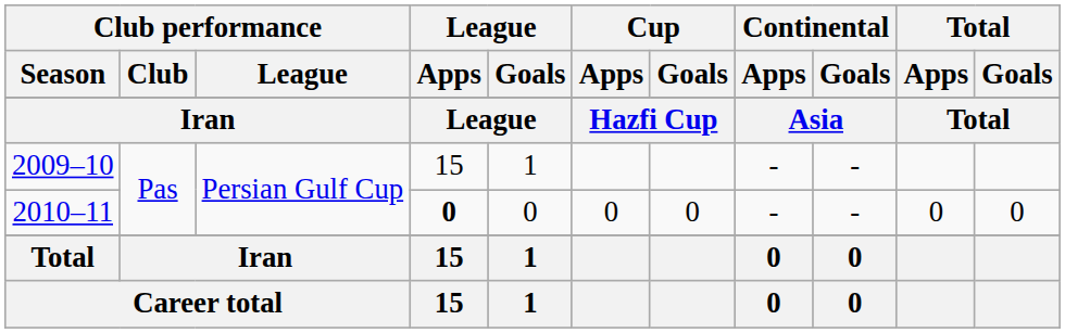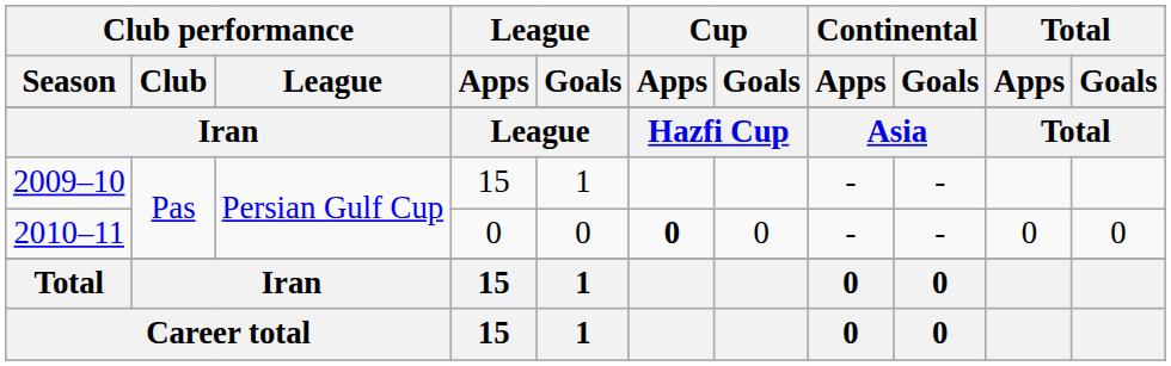 <table class="wikitable" style="text-align:center">
 <tr>
 <th colspan=3>Club performance</th>
 <th colspan=2>League</th>
 <th colspan=2>Cup</th>
 <th colspan=2>Continental</th>
 <th colspan=2>Total</th>
 </tr>
 <tr>
 <th>Season</th>
 <th>Club</th>
 <th>League</th>
 <th>Apps</th>
 <th>Goals</th>
 <th>Apps</th>
 <th>Goals</th>
 <th>Apps</th>
 <th>Goals</th>
 <th>Apps</th>
 <th>Goals</th>
 </tr>
 <tr>
 </tr>
 <tr>
 <th colspan=3>Iran</th>
 <th colspan=2>League</th>
 <th colspan=2><a href='#'>Hazfi Cup</a></th>
 <th colspan=2><a href='#'>Asia</a></th>
 <th colspan=2>Total</th>
 </tr>
 <tr>
 <td><a href='#'>2009–10</a></td>
 <td rowspan="2"><a href='#'>Pas</a></td>
 <td rowspan="2"><a href='#'>Persian Gulf Cup</a></td>
 <td>15</td>
 <td>1</td>
 <td></td>
 <td></td>
 <td>-</td>
 <td>-</td>
 <td></td>
 <td></td>
 </tr>
 <tr>
 <td><a href='#'>2010–11</a></td>
-<td><strong>0</strong></td>
 <td>0</td>
 <td>0</td>
+<td><strong>0</strong></td>
 <td>0</td>
 <td>-</td>
 <td>-</td>
 <td>0</td>
 <td>0</td>
 </tr>
 <tr>
 </tr>
 <tr>
 <th rowspan=1>Total</th>
 <th colspan=2>Iran</th>
 <th>15</th>
 <th>1</th>
 <th></th>
 <th></th>
 <th>0</th>
 <th>0</th>
 <th></th>
 <th></th>
 </tr>
 <tr>
 <th colspan=3>Career total</th>
 <th>15</th>
 <th>1</th>
 <th></th>
 <th></th>
 <th>0</th>
 <th>0</th>
 <th></th>
 <th></th>
 </tr>
 </table>
